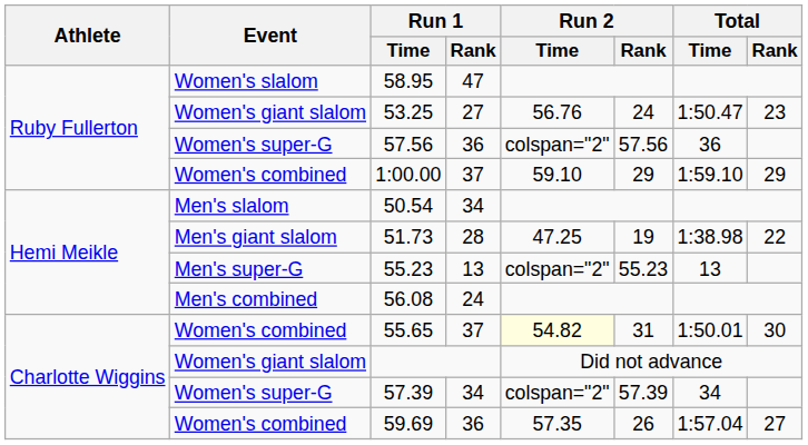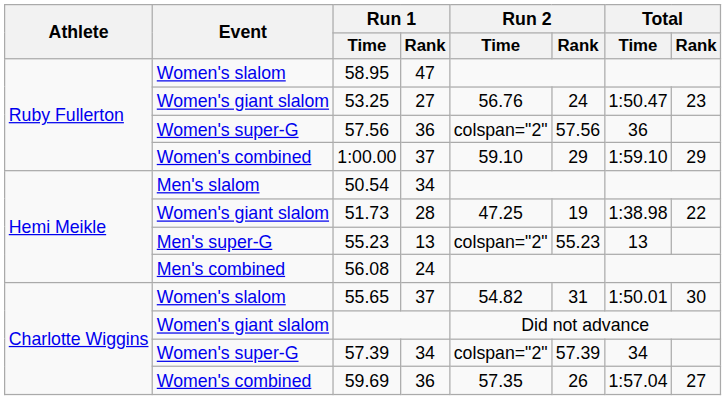 <table class="wikitable" style="font-size:90%">
 <tr>
 <th rowspan=2>Athlete</th>
 <th rowspan=2>Event</th>
 <th colspan=2>Run 1</th>
 <th colspan=2>Run 2</th>
 <th colspan=2>Total</th>
 </tr>
 <tr style="font-size:95%">
 <th>Time</th>
 <th>Rank</th>
 <th>Time</th>
 <th>Rank</th>
 <th>Time</th>
 <th>Rank</th>
 </tr>
 <tr align=center>
 <td align="left" rowspan="4"><a href='#'>Ruby Fullerton</a></td>
 <td align="left"><a href='#'>Women's slalom</a></td>
 <td>58.95</td>
 <td>47</td>
 <td colspan=2></td>
 <td colspan=2></td>
 </tr>
 <tr align=center>
 <td align="left"><a href='#'>Women's giant slalom</a></td>
 <td>53.25</td>
 <td>27</td>
 <td>56.76</td>
 <td>24</td>
 <td>1:50.47</td>
 <td>23</td>
 </tr>
 <tr align=center>
 <td align="left"><a href='#'>Women's super-G</a></td>
 <td>57.56</td>
 <td>36</td>
 <td>colspan="2" </td>
 <td>57.56</td>
 <td>36</td>
 </tr>
 <tr align=center>
 <td align="left"><a href='#'>Women's combined</a></td>
 <td>1:00.00</td>
 <td>37</td>
 <td>59.10</td>
 <td>29</td>
 <td>1:59.10</td>
 <td>29</td>
 </tr>
 <tr align=center>
 <td align="left" rowspan="4"><a href='#'>Hemi Meikle</a></td>
 <td align="left"><a href='#'>Men's slalom</a></td>
 <td>50.54</td>
 <td>34</td>
 <td colspan=2></td>
 <td colspan=2></td>
 </tr>
 <tr align=center>
-<td align="left"><a href='#'>Men's giant slalom</a></td>
+<td align="left"><a href='#'>Women's giant slalom</a></td>
 <td>51.73</td>
 <td>28</td>
 <td>47.25</td>
 <td>19</td>
 <td>1:38.98</td>
 <td>22</td>
 </tr>
 <tr align=center>
 <td align="left"><a href='#'>Men's super-G</a></td>
 <td>55.23</td>
 <td>13</td>
 <td>colspan="2" </td>
 <td>55.23</td>
 <td>13</td>
 </tr>
 <tr align=center>
 <td align="left"><a href='#'>Men's combined</a></td>
 <td>56.08</td>
 <td>24</td>
 <td colspan=2></td>
 <td colspan=2></td>
 </tr>
 <tr align=center>
 <td align="left" rowspan="4"><a href='#'>Charlotte Wiggins</a></td>
-<td align="left"><a href='#'>Women's combined</a></td>
+<td align="left"><a href='#'>Women's slalom</a></td>
 <td>55.65</td>
 <td>37</td>
-<td style="background: lightyellow;">54.82</td>
+<td>54.82</td>
 <td>31</td>
 <td>1:50.01</td>
 <td>30</td>
 </tr>
 <tr align=center>
 <td align="left"><a href='#'>Women's giant slalom</a></td>
 <td colspan=2></td>
 <td colspan=4>Did not advance</td>
 </tr>
 <tr align=center>
 <td align="left"><a href='#'>Women's super-G</a></td>
 <td>57.39</td>
 <td>34</td>
 <td>colspan="2" </td>
 <td>57.39</td>
 <td>34</td>
 </tr>
 <tr align=center>
 <td align="left"><a href='#'>Women's combined</a></td>
 <td>59.69</td>
 <td>36</td>
 <td>57.35</td>
 <td>26</td>
 <td>1:57.04</td>
 <td>27</td>
 </tr>
 </table>
